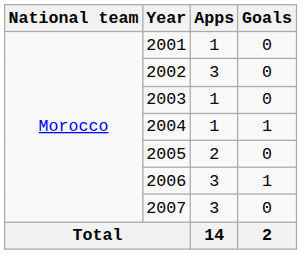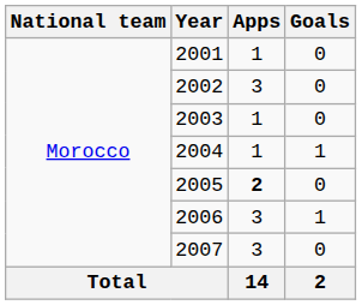 <table class="wikitable" style="text-align:center">
 <tr>
 <th>National team</th>
 <th>Year</th>
 <th>Apps</th>
 <th>Goals</th>
 </tr>
 <tr>
 <td rowspan="7"><a href='#'>Morocco</a></td>
 <td>2001</td>
 <td>1</td>
 <td>0</td>
 </tr>
 <tr>
 <td>2002</td>
 <td>3</td>
 <td>0</td>
 </tr>
 <tr>
 <td>2003</td>
 <td>1</td>
 <td>0</td>
 </tr>
 <tr>
 <td>2004</td>
 <td>1</td>
 <td>1</td>
 </tr>
 <tr>
 <td>2005</td>
-<td>2</td>
+<td><strong>2</strong></td>
 <td>0</td>
 </tr>
 <tr>
 <td>2006</td>
 <td>3</td>
 <td>1</td>
 </tr>
 <tr>
 <td>2007</td>
 <td>3</td>
 <td>0</td>
 </tr>
 <tr>
 <th colspan="2">Total</th>
 <th>14</th>
 <th>2</th>
 </tr>
 </table>
